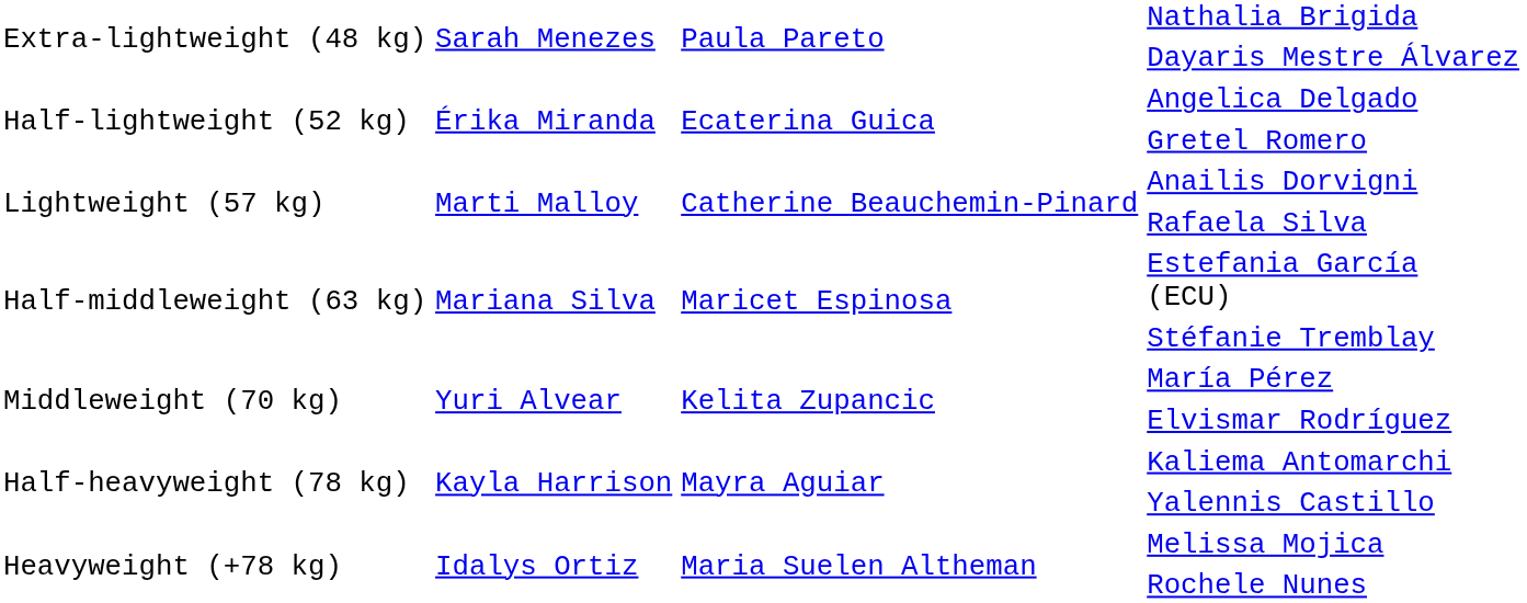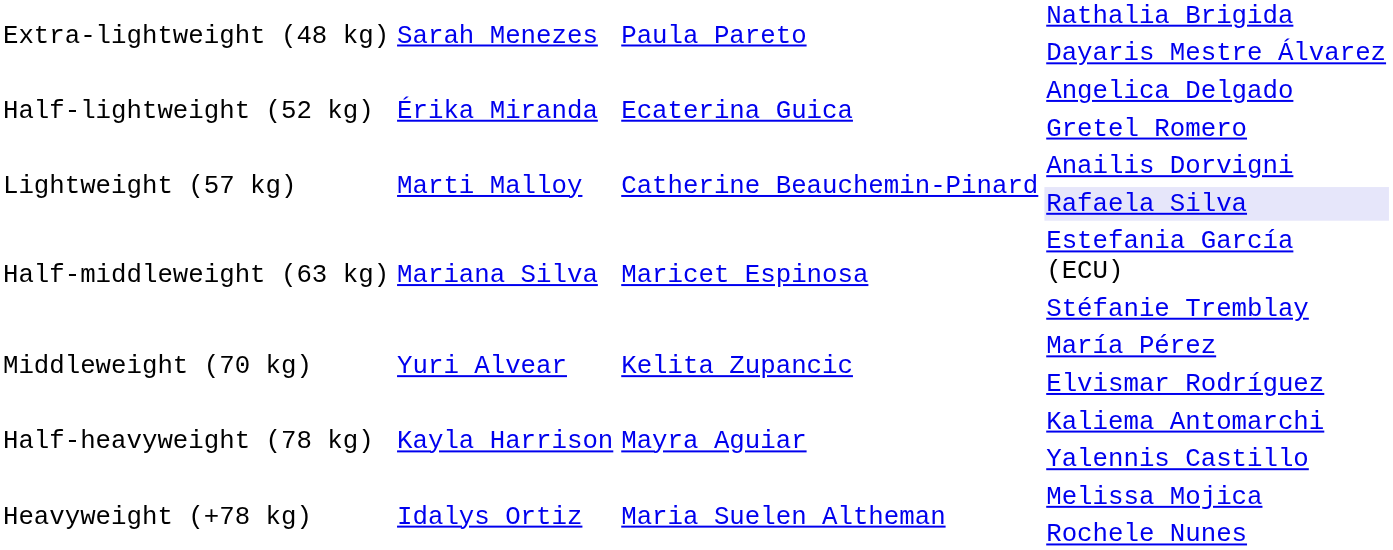 <table>
 <tr>
 <td rowspan=2>Extra-lightweight (48 kg)</td>
 <td rowspan=2><a href='#'>Sarah Menezes</a><br> </td>
 <td rowspan=2><a href='#'>Paula Pareto</a> <br> </td>
 <td><a href='#'>Nathalia Brigida</a> <br> </td>
 </tr>
 <tr>
 <td><a href='#'>Dayaris Mestre Álvarez</a> <br> </td>
 </tr>
 <tr>
 <td rowspan=2>Half-lightweight (52 kg)</td>
 <td rowspan=2><a href='#'>Érika Miranda</a><br> </td>
 <td rowspan=2><a href='#'>Ecaterina Guica</a> <br> </td>
 <td><a href='#'>Angelica Delgado</a><br> </td>
 </tr>
 <tr>
 <td><a href='#'>Gretel Romero</a><br> </td>
 </tr>
 <tr>
 <td rowspan=2>Lightweight (57 kg)</td>
 <td rowspan=2><a href='#'>Marti Malloy</a> <br> </td>
 <td rowspan=2><a href='#'>Catherine Beauchemin-Pinard</a> <br> </td>
 <td><a href='#'>Anailis Dorvigni</a> <br> </td>
 </tr>
 <tr>
-<td><a href='#'>Rafaela Silva</a> <br> </td>
+<td style="background: lavender;"><a href='#'>Rafaela Silva</a> <br> </td>
 </tr>
 <tr>
 <td rowspan=2>Half-middleweight (63 kg)</td>
 <td rowspan=2><a href='#'>Mariana Silva</a> <br> </td>
 <td rowspan=2><a href='#'>Maricet Espinosa</a><br> </td>
 <td><a href='#'>Estefania García</a> <br>  (ECU)</td>
 </tr>
 <tr>
 <td><a href='#'>Stéfanie Tremblay</a> <br> </td>
 </tr>
 <tr>
 <td rowspan=2>Middleweight (70 kg)</td>
 <td rowspan=2><a href='#'>Yuri Alvear</a><br> </td>
 <td rowspan=2><a href='#'>Kelita Zupancic</a> <br> </td>
 <td><a href='#'>María Pérez</a> <br> </td>
 </tr>
 <tr>
 <td><a href='#'>Elvismar Rodríguez</a> <br> </td>
 </tr>
 <tr>
 <td rowspan=2>Half-heavyweight (78 kg)</td>
 <td rowspan=2><a href='#'>Kayla Harrison</a> <br> </td>
 <td rowspan=2><a href='#'>Mayra Aguiar</a><br> </td>
 <td><a href='#'>Kaliema Antomarchi</a> <br> </td>
 </tr>
 <tr>
 <td><a href='#'>Yalennis Castillo</a> <br> </td>
 </tr>
 <tr>
 <td rowspan=2>Heavyweight (+78 kg)</td>
 <td rowspan=2><a href='#'>Idalys Ortiz</a><br> </td>
 <td rowspan=2><a href='#'>Maria Suelen Altheman</a> <br> </td>
 <td><a href='#'>Melissa Mojica</a> <br> </td>
 </tr>
 <tr>
 <td><a href='#'>Rochele Nunes</a> <br> </td>
 </tr>
 </table>
